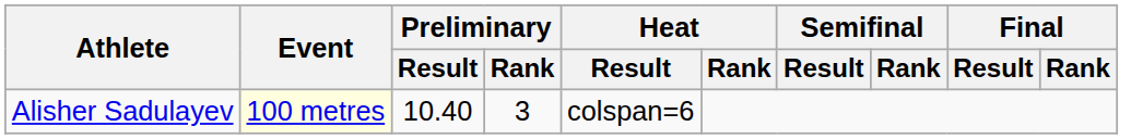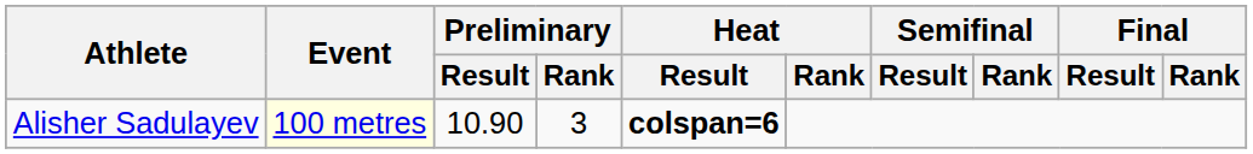 <table class="wikitable" style="font-size:90%">
 <tr>
 <th rowspan="2">Athlete</th>
 <th rowspan="2">Event</th>
 <th colspan="2">Preliminary</th>
 <th colspan="2">Heat</th>
 <th colspan="2">Semifinal</th>
 <th colspan="2">Final</th>
 </tr>
 <tr style="font-size:95%">
 <th>Result</th>
 <th>Rank</th>
 <th>Result</th>
 <th>Rank</th>
 <th>Result</th>
 <th>Rank</th>
 <th>Result</th>
 <th>Rank</th>
 </tr>
 <tr align=center>
 <td align=left><a href='#'>Alisher Sadulayev</a></td>
 <td align=left style="background: lightyellow;"><a href='#'>100 metres</a></td>
-<td>10.40</td>
+<td>10.90</td>
 <td>3</td>
-<td>colspan=6 </td>
+<td><strong>colspan=6 </strong></td>
 </tr>
 </table>
